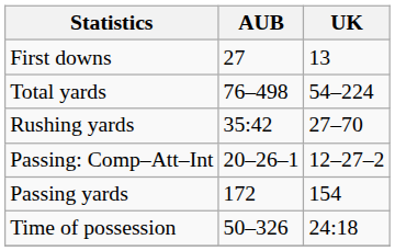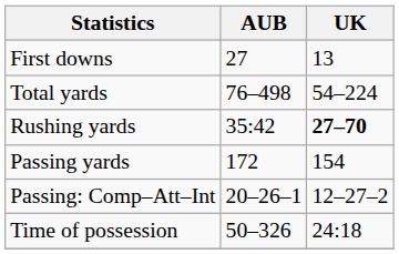 <table class="wikitable" style="float: left;">
 <tr>
 <th>Statistics</th>
 <th>AUB</th>
 <th>UK</th>
 </tr>
 <tr>
 <td>First downs</td>
 <td>27</td>
 <td>13</td>
 </tr>
 <tr>
 <td>Total yards</td>
 <td>76–498</td>
 <td>54–224</td>
 </tr>
 <tr>
 <td>Rushing yards</td>
 <td>35:42</td>
-<td>27–70</td>
+<td><strong>27–70</strong></td>
+</tr>
+<tr>
+<td>Passing yards</td>
+<td>172</td>
+<td>154</td>
 </tr>
 <tr>
 <td>Passing: Comp–Att–Int</td>
 <td>20–26–1</td>
 <td>12–27–2</td>
-</tr>
-<tr>
-<td>Passing yards</td>
-<td>172</td>
-<td>154</td>
 </tr>
 <tr>
 <td>Time of possession</td>
 <td>50–326</td>
 <td>24:18</td>
 </tr>
 <tr>
 </tr>
 </table>
